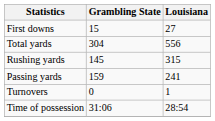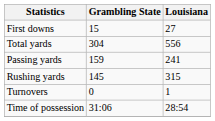 <table class="wikitable">
 <tr>
 <th>Statistics</th>
 <th>Grambling State</th>
 <th>Louisiana</th>
 </tr>
 <tr>
 <td>First downs</td>
 <td>15</td>
 <td>27</td>
 </tr>
 <tr>
 <td>Total yards</td>
 <td>304</td>
 <td>556</td>
 </tr>
 <tr>
+<td>Passing yards</td>
+<td>159</td>
+<td>241</td>
+</tr>
+<tr>
 <td>Rushing yards</td>
 <td>145</td>
 <td>315</td>
-</tr>
-<tr>
-<td>Passing yards</td>
-<td>159</td>
-<td>241</td>
 </tr>
 <tr>
 <td>Turnovers</td>
 <td>0</td>
 <td>1</td>
 </tr>
 <tr>
 <td>Time of possession</td>
 <td>31:06</td>
 <td>28:54</td>
 </tr>
 <tr>
 </tr>
 </table>
